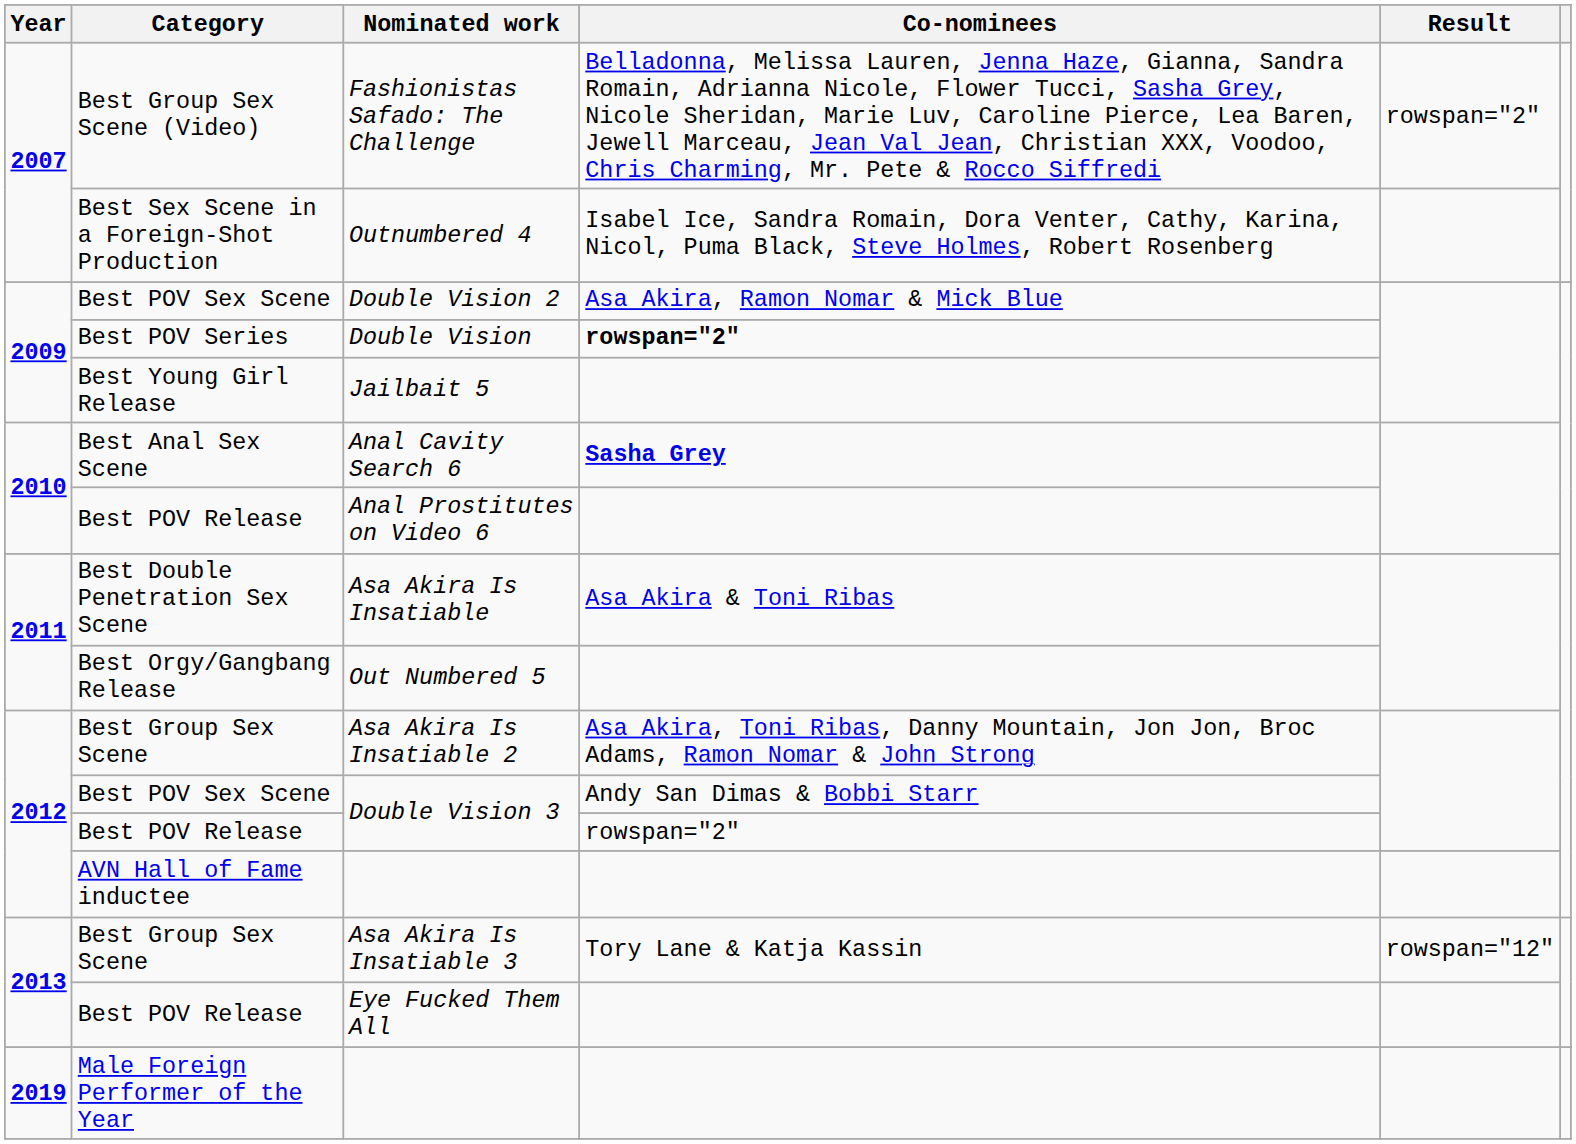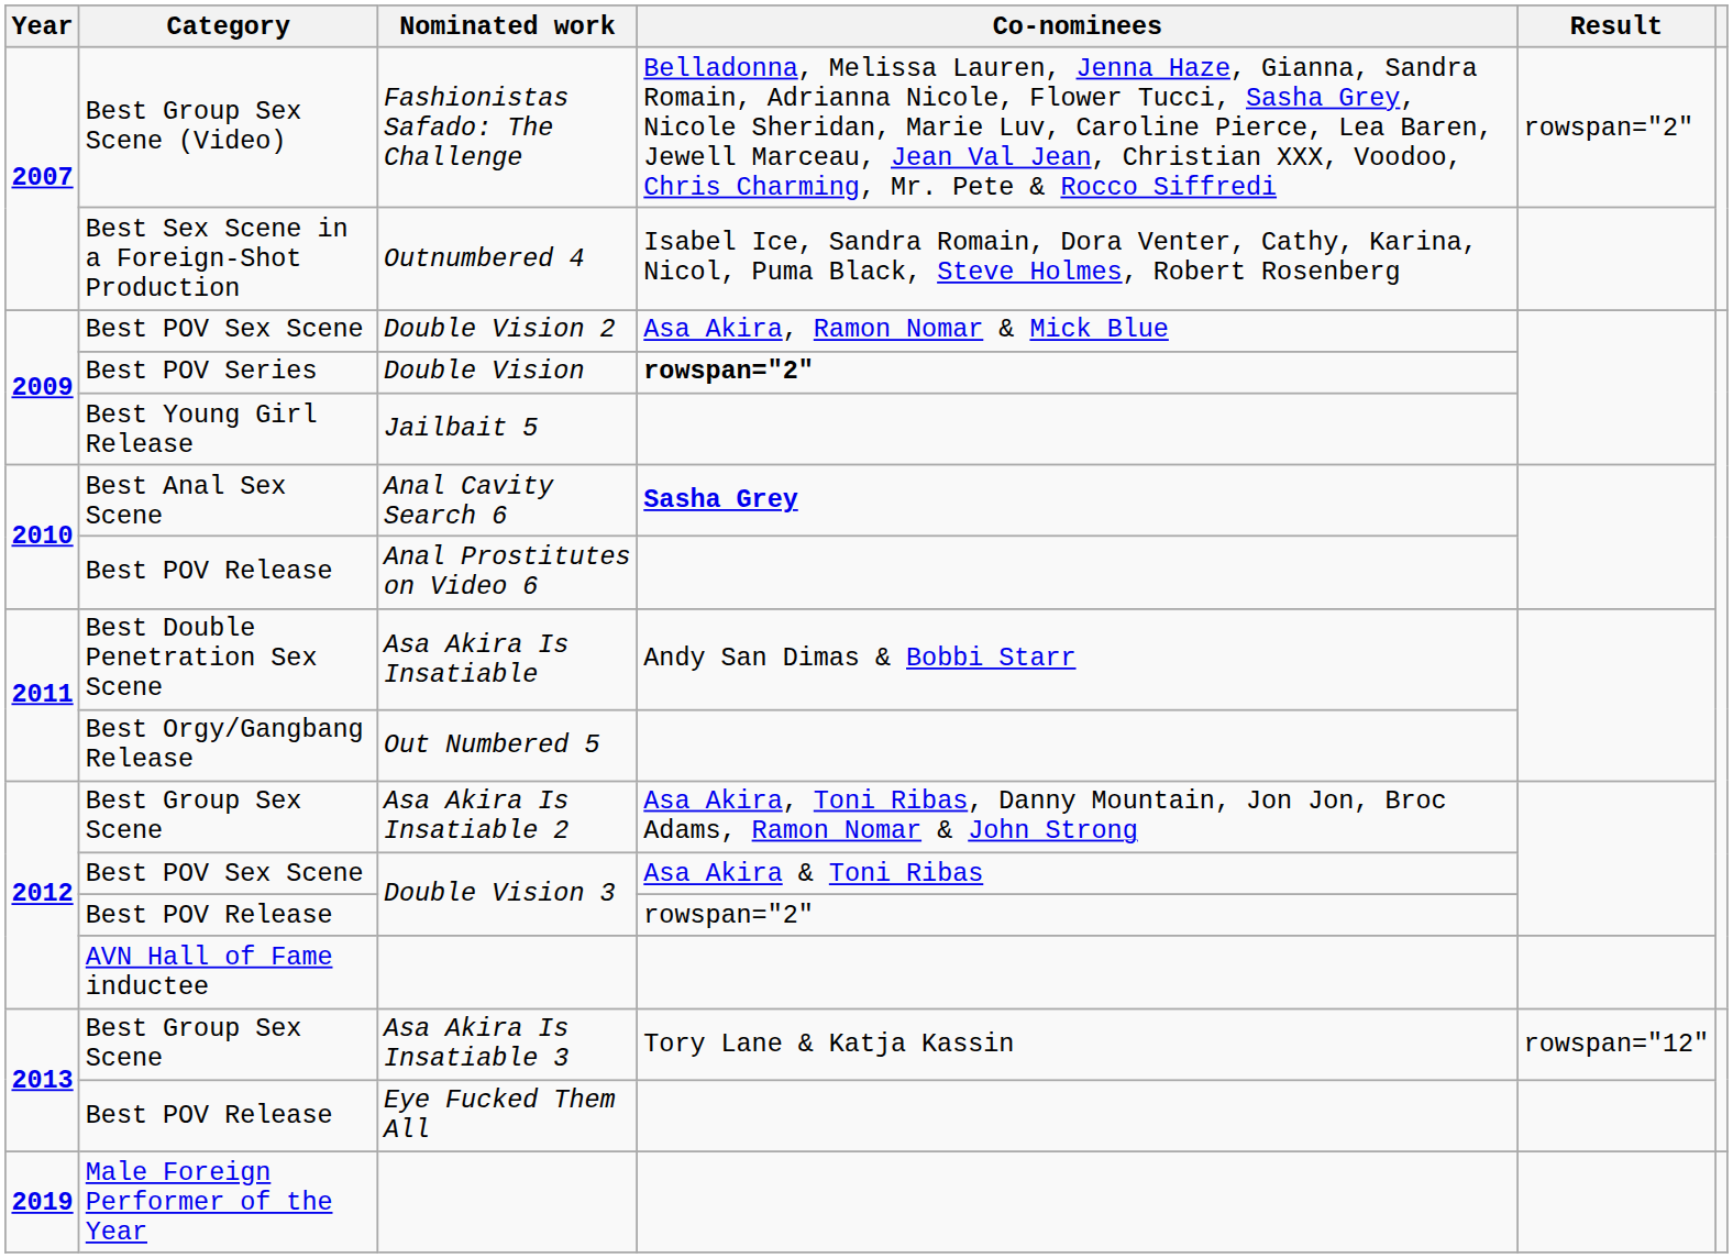 <table class="wikitable">
 <tr>
 <th>Year</th>
 <th>Category</th>
 <th>Nominated work</th>
 <th>Co-nominees</th>
 <th>Result</th>
 <th></th>
 </tr>
 <tr>
 <td rowspan="2"><strong><a href='#'>2007</a></strong></td>
 <td>Best Group Sex Scene (Video)</td>
 <td><em>Fashionistas Safado: The Challenge</em></td>
 <td><a href='#'>Belladonna</a>, Melissa Lauren, <a href='#'>Jenna Haze</a>,  Gianna, Sandra Romain, Adrianna Nicole, Flower Tucci, <a href='#'>Sasha Grey</a>, Nicole Sheridan, Marie Luv, Caroline Pierce, Lea Baren, Jewell Marceau, <a href='#'>Jean Val Jean</a>, Christian XXX, Voodoo, <a href='#'>Chris Charming</a>, Mr. Pete & <a href='#'>Rocco Siffredi</a></td>
 <td>rowspan="2" </td>
 <td rowspan="2"></td>
 </tr>
 <tr>
 <td>Best Sex Scene in a Foreign-Shot Production</td>
 <td><em>Outnumbered 4</em></td>
 <td>Isabel Ice, Sandra Romain, Dora Venter, Cathy, Karina, Nicol, Puma Black, <a href='#'>Steve Holmes</a>, Robert Rosenberg</td>
 </tr>
 <tr>
 <td rowspan="3"><strong><a href='#'>2009</a></strong></td>
 <td>Best POV Sex Scene</td>
 <td><em>Double Vision 2</em></td>
 <td><a href='#'>Asa Akira</a>, <a href='#'>Ramon Nomar</a> & <a href='#'>Mick Blue</a></td>
 <td rowspan="3"></td>
 </tr>
 <tr>
 <td>Best POV Series</td>
 <td><em>Double Vision</em></td>
 <td><strong>rowspan="2" </strong></td>
 </tr>
 <tr>
 <td>Best Young Girl Release</td>
 <td><em>Jailbait 5</em></td>
 </tr>
 <tr>
 <td rowspan="2"><strong><a href='#'>2010</a></strong></td>
 <td>Best Anal Sex Scene</td>
 <td><em>Anal Cavity Search 6</em></td>
 <td><strong><a href='#'>Sasha Grey</a></strong></td>
 <td rowspan="2"></td>
 </tr>
 <tr>
 <td>Best POV Release</td>
 <td><em>Anal Prostitutes on Video 6</em></td>
 <td></td>
 </tr>
 <tr>
 <td rowspan="2"><strong><a href='#'>2011</a></strong></td>
 <td>Best Double Penetration Sex Scene</td>
 <td><em>Asa Akira Is Insatiable</em></td>
-<td><a href='#'>Asa Akira</a> & <a href='#'>Toni Ribas</a></td>
+<td>Andy San Dimas & <a href='#'>Bobbi Starr</a></td>
 <td rowspan="2"></td>
 </tr>
 <tr>
 <td>Best Orgy/Gangbang Release</td>
 <td><em>Out Numbered 5</em></td>
 <td></td>
 </tr>
 <tr>
 <td rowspan="4"><strong><a href='#'>2012</a></strong></td>
 <td>Best Group Sex Scene</td>
 <td><em>Asa Akira Is Insatiable 2</em></td>
 <td><a href='#'>Asa Akira</a>, <a href='#'>Toni Ribas</a>, Danny Mountain, Jon Jon, Broc Adams, <a href='#'>Ramon Nomar</a> & <a href='#'>John Strong</a></td>
 <td rowspan="3"></td>
 </tr>
 <tr>
 <td>Best POV Sex Scene</td>
 <td rowspan="2"><em>Double Vision 3</em></td>
-<td>Andy San Dimas & <a href='#'>Bobbi Starr</a></td>
+<td><a href='#'>Asa Akira</a> & <a href='#'>Toni Ribas</a></td>
 </tr>
 <tr>
 <td>Best POV Release</td>
 <td>rowspan="2" </td>
 </tr>
 <tr>
 <td><a href='#'>AVN Hall of Fame</a> inductee</td>
 <td></td>
 <td></td>
 <td></td>
 </tr>
 <tr>
 <td rowspan="2"><strong><a href='#'>2013</a></strong></td>
 <td>Best Group Sex Scene</td>
 <td><em>Asa Akira Is Insatiable 3</em></td>
 <td>Tory Lane & Katja Kassin</td>
 <td>rowspan="12" </td>
 <td rowspan="2"></td>
 </tr>
 <tr>
 <td>Best POV Release</td>
 <td><em>Eye Fucked Them All</em></td>
 <td></td>
 </tr>
 <tr>
 <td><strong><a href='#'>2019</a></strong></td>
 <td><a href='#'>Male Foreign Performer of the Year</a></td>
 <td></td>
 <td></td>
 <td></td>
 <td></td>
 </tr>
 </table>
